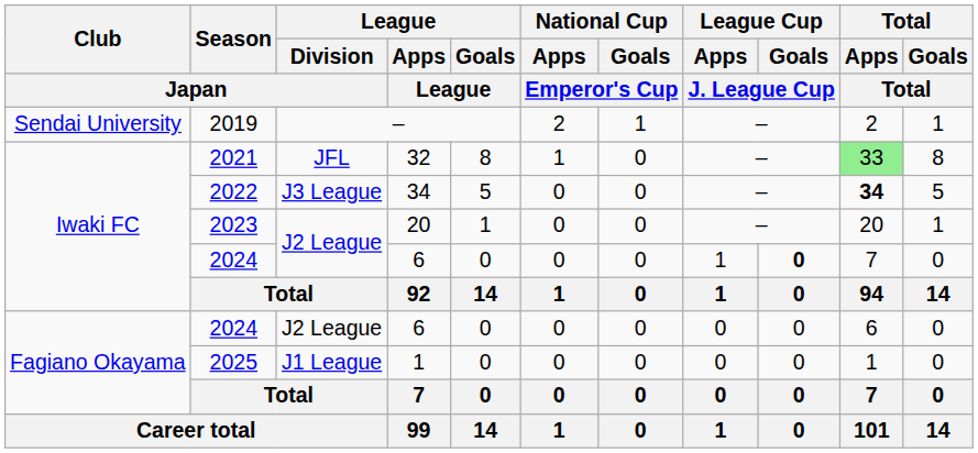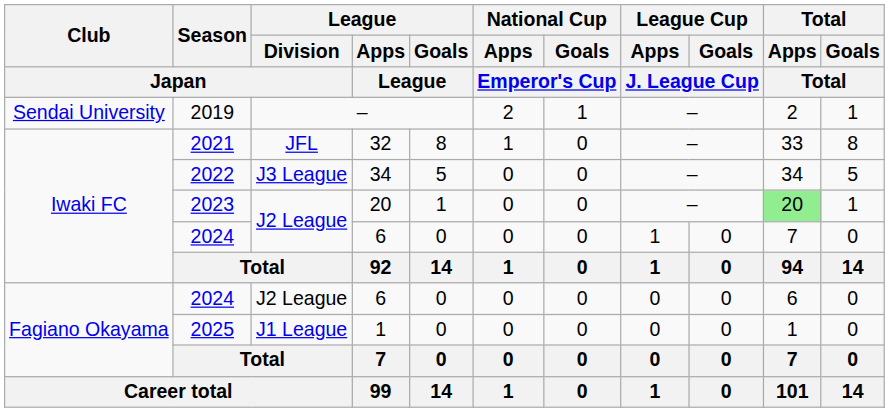 <table class="wikitable" style="text-align:center">
 <tr>
 <th rowspan=2>Club</th>
 <th rowspan=2>Season</th>
 <th colspan=3>League</th>
 <th colspan=2>National Cup</th>
 <th colspan=2>League Cup</th>
 <th colspan=2>Total</th>
 </tr>
 <tr>
 <th>Division</th>
 <th>Apps</th>
 <th>Goals</th>
 <th>Apps</th>
 <th>Goals</th>
 <th>Apps</th>
 <th>Goals</th>
 <th>Apps</th>
 <th>Goals</th>
 </tr>
 <tr>
 <th colspan=3>Japan</th>
 <th colspan=2>League</th>
 <th colspan=2><a href='#'>Emperor's Cup</a></th>
 <th colspan=2><a href='#'>J. League Cup</a></th>
 <th colspan=2>Total</th>
 </tr>
 <tr>
 <td><a href='#'>Sendai University</a></td>
 <td>2019</td>
 <td colspan="3">–</td>
 <td>2</td>
 <td>1</td>
 <td colspan="2">–</td>
 <td>2</td>
 <td>1</td>
 </tr>
 <tr>
 <td rowspan="5"><a href='#'>Iwaki FC</a></td>
 <td><a href='#'>2021</a></td>
 <td><a href='#'>JFL</a></td>
 <td>32</td>
 <td>8</td>
 <td>1</td>
 <td>0</td>
 <td colspan="2">–</td>
-<td style="background: lightgreen;">33</td>
+<td>33</td>
 <td>8</td>
 </tr>
 <tr>
 <td><a href='#'>2022</a></td>
 <td><a href='#'>J3 League</a></td>
 <td>34</td>
 <td>5</td>
 <td>0</td>
 <td>0</td>
 <td colspan="2">–</td>
-<td><strong>34</strong></td>
+<td>34</td>
 <td>5</td>
 </tr>
 <tr>
 <td><a href='#'>2023</a></td>
 <td rowspan="2"><a href='#'>J2 League</a></td>
 <td>20</td>
 <td>1</td>
 <td>0</td>
 <td>0</td>
 <td colspan="2">–</td>
-<td>20</td>
+<td style="background: lightgreen;">20</td>
 <td>1</td>
 </tr>
 <tr>
 <td><a href='#'>2024</a></td>
 <td>6</td>
 <td>0</td>
 <td>0</td>
 <td>0</td>
 <td>1</td>
-<td><strong>0</strong></td>
+<td>0</td>
 <td>7</td>
 <td>0</td>
 </tr>
 <tr>
 <th colspan="2">Total</th>
 <th>92</th>
 <th>14</th>
 <th>1</th>
 <th>0</th>
 <th>1</th>
 <th>0</th>
 <th>94</th>
 <th>14</th>
 </tr>
 <tr>
 <td rowspan="3"><a href='#'>Fagiano Okayama</a></td>
 <td><a href='#'>2024</a></td>
 <td>J2 League</td>
 <td>6</td>
 <td>0</td>
 <td>0</td>
 <td>0</td>
 <td>0</td>
 <td>0</td>
 <td>6</td>
 <td>0</td>
 </tr>
 <tr>
 <td><a href='#'>2025</a></td>
 <td><a href='#'>J1 League</a></td>
 <td>1</td>
 <td>0</td>
 <td>0</td>
 <td>0</td>
 <td>0</td>
 <td>0</td>
 <td>1</td>
 <td>0</td>
 </tr>
 <tr>
 <th colspan="2">Total</th>
 <th>7</th>
 <th>0</th>
 <th>0</th>
 <th>0</th>
 <th>0</th>
 <th>0</th>
 <th>7</th>
 <th>0</th>
 </tr>
 <tr>
 <th colspan=3>Career total</th>
 <th>99</th>
 <th>14</th>
 <th>1</th>
 <th>0</th>
 <th>1</th>
 <th>0</th>
 <th>101</th>
 <th>14</th>
 </tr>
 </table>
